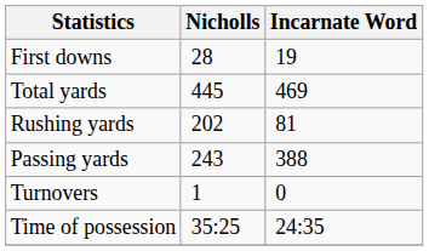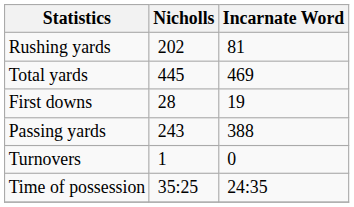 <table class="wikitable">
 <tr>
 <th>Statistics</th>
 <th>Nicholls</th>
 <th>Incarnate Word</th>
 </tr>
 <tr>
-<td>First downs</td>
-<td> 28</td>
-<td> 19</td>
+<td>Rushing yards</td>
+<td> 202</td>
+<td> 81</td>
 </tr>
 <tr>
 <td>Total yards</td>
 <td> 445</td>
 <td> 469</td>
 </tr>
 <tr>
-<td>Rushing yards</td>
-<td> 202</td>
-<td> 81</td>
+<td>First downs</td>
+<td> 28</td>
+<td> 19</td>
 </tr>
 <tr>
 <td>Passing yards</td>
 <td> 243</td>
 <td> 388</td>
 </tr>
 <tr>
 <td>Turnovers</td>
 <td> 1</td>
 <td> 0</td>
 </tr>
 <tr>
 <td>Time of possession</td>
 <td> 35:25</td>
 <td> 24:35</td>
 </tr>
 <tr>
 </tr>
 </table>
